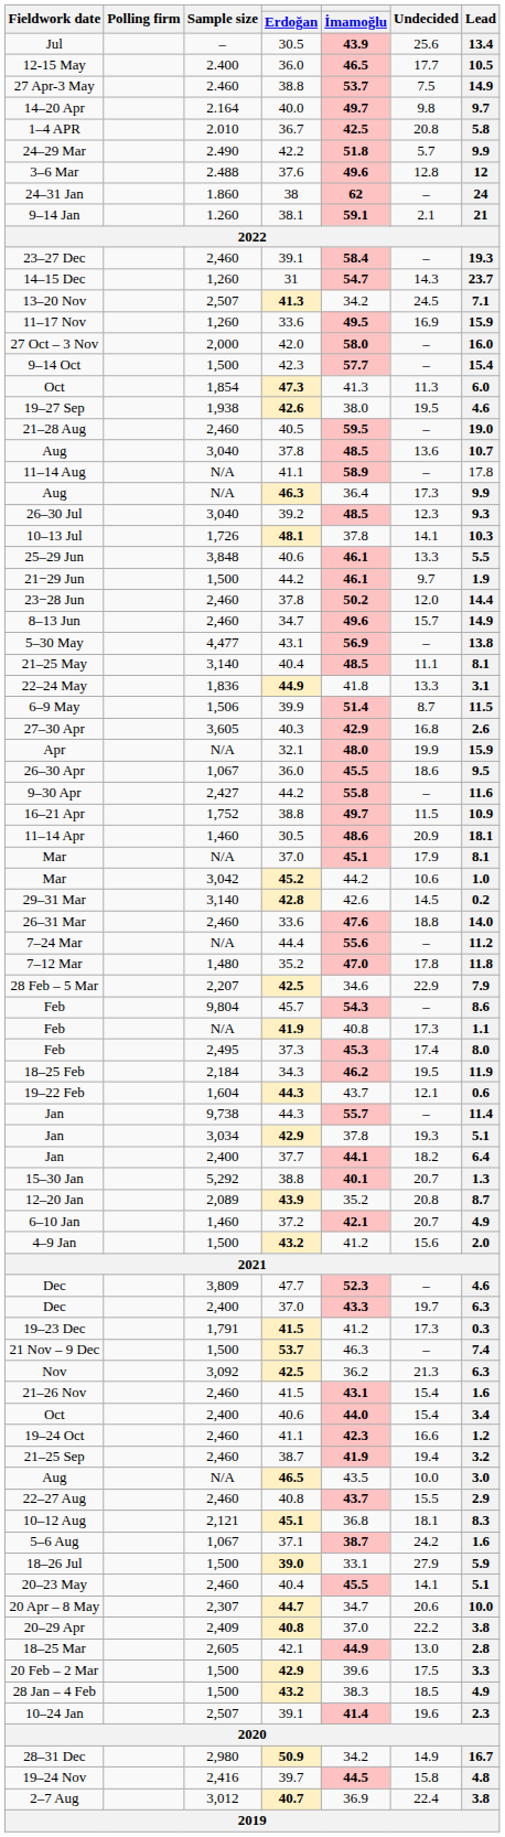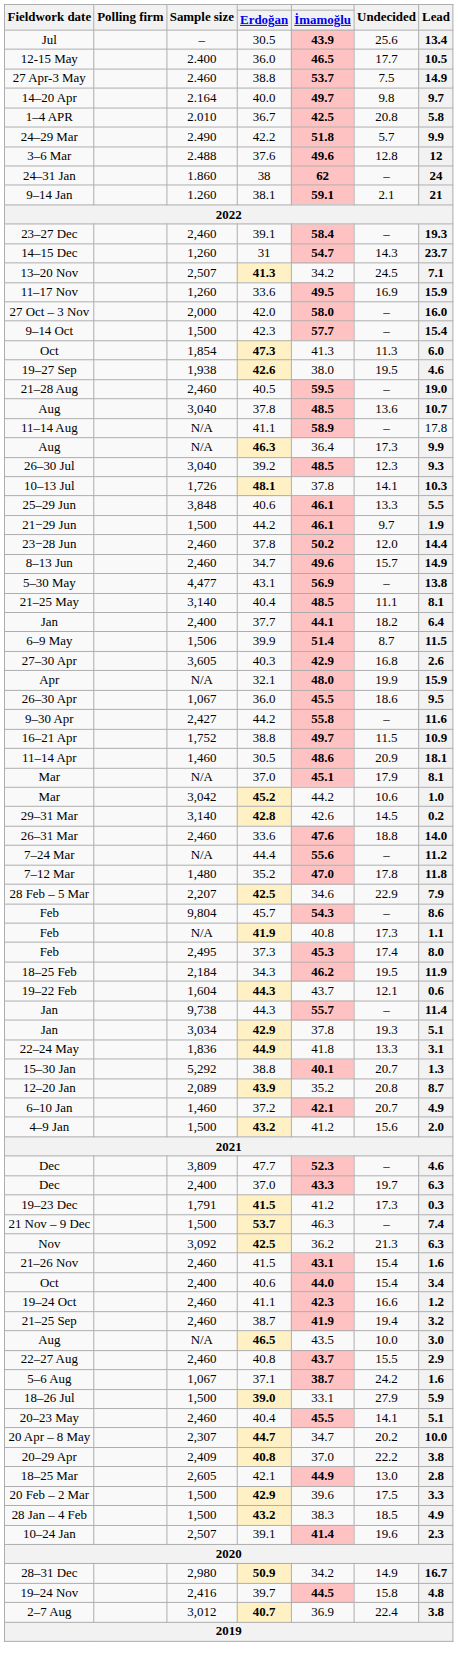 <table class="wikitable mw-datatable mw-collapsible mw-collapsed" style="text-align:center; font-size:85%; line-height:14px;">
 <tr>
 <th rowspan="2">Fieldwork date</th>
 <th rowspan="2">Polling firm</th>
 <th rowspan="2">Sample size</th>
 <th style="background:"></th>
 <th style="background:"></th>
 <th rowspan="2">Undecided</th>
 <th rowspan="2">Lead</th>
 </tr>
 <tr>
 <th><a href='#'>Erdoğan</a><br></th>
 <th><a href='#'>İmamoğlu</a><br></th>
 </tr>
 <tr>
 <td>Jul</td>
 <td></td>
 <td>–</td>
 <td>30.5</td>
 <td style="background:#FFC2C2"><strong>43.9</strong></td>
 <td>25.6</td>
 <th style="background:">13.4</th>
 </tr>
 <tr>
 <td>12-15 May</td>
 <td></td>
 <td>2.400</td>
 <td>36.0</td>
 <td style="background:#FFC2C2"><strong>46.5</strong></td>
 <td>17.7</td>
 <th style="background:">10.5</th>
 </tr>
 <tr>
 <td>27 Apr-3 May</td>
 <td></td>
 <td>2.460</td>
 <td>38.8</td>
 <td style="background:#FFC2C2"><strong>53.7</strong></td>
 <td>7.5</td>
 <th style="background:">14.9</th>
 </tr>
 <tr>
 <td>14–20 Apr</td>
 <td></td>
 <td>2.164</td>
 <td>40.0</td>
 <td style="background:#FFC2C2"><strong>49.7</strong></td>
 <td>9.8</td>
 <th style="background:">9.7</th>
 </tr>
 <tr>
 <td>1–4 APR</td>
 <td></td>
 <td>2.010</td>
 <td>36.7</td>
 <td style="background:#FFC2C2"><strong>42.5</strong></td>
 <td>20.8</td>
 <th style="background:">5.8</th>
 </tr>
 <tr>
 <td>24–29 Mar</td>
 <td></td>
 <td>2.490</td>
 <td>42.2</td>
 <td style="background:#FFC2C2"><strong>51.8</strong></td>
 <td>5.7</td>
 <th style="background:">9.9</th>
 </tr>
 <tr>
 <td>3–6 Mar</td>
 <td></td>
 <td>2.488</td>
 <td>37.6</td>
 <td style="background:#FFC2C2"><strong>49.6</strong></td>
 <td>12.8</td>
 <th style="background:">12</th>
 </tr>
 <tr>
 <td>24–31 Jan</td>
 <td></td>
 <td>1.860</td>
 <td>38</td>
 <td style="background:#FFC2C2"><strong>62</strong></td>
 <td>–</td>
 <th style="background:">24</th>
 </tr>
 <tr>
 <td>9–14 Jan</td>
 <td></td>
 <td>1.260</td>
 <td>38.1</td>
 <td style="background:#FFC2C2"><strong>59.1</strong></td>
 <td>2.1</td>
 <th style="background:">21</th>
 </tr>
 <tr>
 <th colspan=7>2022</th>
 </tr>
 <tr>
 <td>23–27 Dec</td>
 <td></td>
 <td>2,460</td>
 <td>39.1</td>
 <td style="background:#FFC2C2"><strong>58.4</strong></td>
 <td>–</td>
 <th style="background:">19.3</th>
 </tr>
 <tr>
 <td>14–15 Dec</td>
 <td></td>
 <td>1,260</td>
 <td>31</td>
 <td style="background:#FFC2C2"><strong>54.7</strong></td>
 <td>14.3</td>
 <th style="background:">23.7</th>
 </tr>
 <tr>
 <td>13–20 Nov</td>
 <td></td>
 <td>2,507</td>
 <td style="background:#FFF1C4"><strong>41.3</strong></td>
 <td>34.2</td>
 <td>24.5</td>
 <th style="background:">7.1</th>
 </tr>
 <tr>
 <td>11–17 Nov</td>
 <td></td>
 <td>1,260</td>
 <td>33.6</td>
 <td style="background:#FFC2C2"><strong>49.5</strong></td>
 <td>16.9</td>
 <th style="background:">15.9</th>
 </tr>
 <tr>
 <td>27 Oct – 3 Nov</td>
 <td></td>
 <td>2,000</td>
 <td>42.0</td>
 <td style="background:#FFC2C2"><strong>58.0</strong></td>
 <td>–</td>
 <th style="background:">16.0</th>
 </tr>
 <tr>
 <td>9–14 Oct</td>
 <td></td>
 <td>1,500</td>
 <td>42.3</td>
 <td style="background:#FFC2C2"><strong>57.7</strong></td>
 <td>–</td>
 <th style="background:">15.4</th>
 </tr>
 <tr>
 <td>Oct</td>
 <td></td>
 <td>1,854</td>
 <td style="background:#FFF1C4"><strong>47.3</strong></td>
 <td>41.3</td>
 <td>11.3</td>
 <th style="background:">6.0</th>
 </tr>
 <tr>
 <td>19–27 Sep</td>
 <td></td>
 <td>1,938</td>
 <td style="background:#FFF1C4"><strong>42.6</strong></td>
 <td>38.0</td>
 <td>19.5</td>
 <th style="background:">4.6</th>
 </tr>
 <tr>
 <td>21–28 Aug</td>
 <td></td>
 <td>2,460</td>
 <td>40.5</td>
 <td style="background:#FFC2C2"><strong>59.5</strong></td>
 <td>–</td>
 <th style="background:">19.0</th>
 </tr>
 <tr>
 <td>Aug</td>
 <td></td>
 <td>3,040</td>
 <td>37.8</td>
 <td style="background:#FFC2C2"><strong>48.5</strong></td>
 <td>13.6</td>
 <th style="background:">10.7</th>
 </tr>
 <tr>
 <td>11–14 Aug</td>
 <td></td>
 <td>N/A</td>
 <td>41.1</td>
 <td style="background:#FFC2C2"><strong>58.9</strong></td>
 <td>–</td>
 <td ! style="background:">17.8</td>
 </tr>
 <tr>
 <td>Aug</td>
 <td></td>
 <td>N/A</td>
 <td style="background:#FFF1C4"><strong>46.3</strong></td>
 <td>36.4</td>
 <td>17.3</td>
 <th style="background:">9.9</th>
 </tr>
 <tr>
 <td>26–30 Jul</td>
 <td></td>
 <td>3,040</td>
 <td>39.2</td>
 <td style="background:#FFC2C2"><strong>48.5</strong></td>
 <td>12.3</td>
 <th style="background:">9.3</th>
 </tr>
 <tr>
 <td>10–13 Jul</td>
 <td></td>
 <td>1,726</td>
 <td style="background:#FFF1C4"><strong>48.1</strong></td>
 <td>37.8</td>
 <td>14.1</td>
 <th style="background:">10.3</th>
 </tr>
 <tr>
 <td>25–29 Jun</td>
 <td></td>
 <td>3,848</td>
 <td>40.6</td>
 <td style="background:#FFC2C2"><strong>46.1</strong></td>
 <td>13.3</td>
 <th style="background:">5.5</th>
 </tr>
 <tr>
 <td>21−29 Jun</td>
 <td></td>
 <td>1,500</td>
 <td>44.2</td>
 <td style="background:#FFC2C2"><strong>46.1</strong></td>
 <td>9.7</td>
 <th style="background:">1.9</th>
 </tr>
 <tr>
 <td>23−28 Jun</td>
 <td></td>
 <td>2,460</td>
 <td>37.8</td>
 <td style="background:#FFC2C2"><strong>50.2</strong></td>
 <td>12.0</td>
 <th style="background:">14.4</th>
 </tr>
 <tr>
 <td>8–13 Jun</td>
 <td></td>
 <td>2,460</td>
 <td>34.7</td>
 <td style="background:#FFC2C2"><strong>49.6</strong></td>
 <td>15.7</td>
 <th style="background:">14.9</th>
 </tr>
 <tr>
 <td>5–30 May</td>
 <td></td>
 <td>4,477</td>
 <td>43.1</td>
 <td style="background:#FFC2C2"><strong>56.9</strong></td>
 <td>–</td>
 <th style="background:">13.8</th>
 </tr>
 <tr>
 <td>21–25 May</td>
 <td></td>
 <td>3,140</td>
 <td>40.4</td>
 <td style="background:#FFC2C2"><strong>48.5</strong></td>
 <td>11.1</td>
 <th style="background:">8.1</th>
 </tr>
 <tr>
-<td>22–24 May</td>
+<td>Jan</td>
 <td></td>
-<td>1,836</td>
-<td style="background:#FFF1C4"><strong>44.9</strong></td>
-<td>41.8</td>
-<td>13.3</td>
-<th style="background:">3.1</th>
+<td>2,400</td>
+<td>37.7</td>
+<td style="background:#FFC2C2"><strong>44.1</strong></td>
+<td>18.2</td>
+<th style="background:">6.4</th>
 </tr>
 <tr>
 <td>6–9 May</td>
 <td></td>
 <td>1,506</td>
 <td>39.9</td>
 <td style="background:#FFC2C2"><strong>51.4</strong></td>
 <td>8.7</td>
 <th style="background:">11.5</th>
 </tr>
 <tr>
 <td>27–30 Apr</td>
 <td></td>
 <td>3,605</td>
 <td>40.3</td>
 <td style="background:#FFC2C2"><strong>42.9</strong></td>
 <td>16.8</td>
 <th style="background:">2.6</th>
 </tr>
 <tr>
 <td>Apr</td>
 <td></td>
 <td>N/A</td>
 <td>32.1</td>
 <td style="background:#FFC2C2"><strong>48.0</strong></td>
 <td>19.9</td>
 <th style="background:">15.9</th>
 </tr>
 <tr>
 <td>26–30 Apr</td>
 <td></td>
 <td>1,067</td>
 <td>36.0</td>
 <td style="background:#FFC2C2"><strong>45.5</strong></td>
 <td>18.6</td>
 <th style="background:">9.5</th>
 </tr>
 <tr>
 <td>9–30 Apr</td>
 <td></td>
 <td>2,427</td>
 <td>44.2</td>
 <td style="background:#FFC2C2"><strong>55.8</strong></td>
 <td>–</td>
 <th style="background:">11.6</th>
 </tr>
 <tr>
 <td>16–21 Apr</td>
 <td></td>
 <td>1,752</td>
 <td>38.8</td>
 <td style="background:#FFC2C2"><strong>49.7</strong></td>
 <td>11.5</td>
 <th style="background:">10.9</th>
 </tr>
 <tr>
 <td>11–14 Apr</td>
 <td></td>
 <td>1,460</td>
 <td>30.5</td>
 <td style="background:#FFC2C2"><strong>48.6</strong></td>
 <td>20.9</td>
 <th style="background:">18.1</th>
 </tr>
 <tr>
 <td>Mar</td>
 <td></td>
 <td>N/A</td>
 <td>37.0</td>
 <td style="background:#FFC2C2"><strong>45.1</strong></td>
 <td>17.9</td>
 <th style="background:">8.1</th>
 </tr>
 <tr>
 <td>Mar</td>
 <td></td>
 <td>3,042</td>
 <td style="background:#FFF1C4"><strong>45.2</strong></td>
 <td>44.2</td>
 <td>10.6</td>
 <th style="background:">1.0</th>
 </tr>
 <tr>
 <td>29–31 Mar</td>
 <td></td>
 <td>3,140</td>
 <td style="background:#FFF1C4"><strong>42.8</strong></td>
 <td>42.6</td>
 <td>14.5</td>
 <th style="background:">0.2</th>
 </tr>
 <tr>
 <td>26–31 Mar</td>
 <td></td>
 <td>2,460</td>
 <td>33.6</td>
 <td style="background:#FFC2C2"><strong>47.6</strong></td>
 <td>18.8</td>
 <th style="background:">14.0</th>
 </tr>
 <tr>
 <td>7–24 Mar</td>
 <td></td>
 <td>N/A</td>
 <td>44.4</td>
 <td style="background:#FFC2C2"><strong>55.6</strong></td>
 <td>–</td>
 <th style="background:">11.2</th>
 </tr>
 <tr>
 <td>7–12 Mar</td>
 <td></td>
 <td>1,480</td>
 <td>35.2</td>
 <td style="background:#FFC2C2"><strong>47.0</strong></td>
 <td>17.8</td>
 <th style="background:">11.8</th>
 </tr>
 <tr>
 <td>28 Feb – 5 Mar</td>
 <td></td>
 <td>2,207</td>
 <td style="background:#FFF1C4"><strong>42.5</strong></td>
 <td>34.6</td>
 <td>22.9</td>
 <th style="background:">7.9</th>
 </tr>
 <tr>
 <td>Feb</td>
 <td></td>
 <td>9,804</td>
 <td>45.7</td>
 <td style="background:#FFC2C2"><strong>54.3</strong></td>
 <td>–</td>
 <th style="background:">8.6</th>
 </tr>
 <tr>
 <td>Feb</td>
 <td></td>
 <td>N/A</td>
 <td style="background:#FFF1C4"><strong>41.9</strong></td>
 <td>40.8</td>
 <td>17.3</td>
 <th style="background:">1.1</th>
 </tr>
 <tr>
 <td>Feb</td>
 <td></td>
 <td>2,495</td>
 <td>37.3</td>
 <td style="background:#FFC2C2"><strong>45.3</strong></td>
 <td>17.4</td>
 <th style="background:">8.0</th>
 </tr>
 <tr>
 <td>18–25 Feb</td>
 <td></td>
 <td>2,184</td>
 <td>34.3</td>
 <td style="background:#FFC2C2"><strong>46.2</strong></td>
 <td>19.5</td>
 <th style="background:">11.9</th>
 </tr>
 <tr>
 <td>19–22 Feb</td>
 <td></td>
 <td>1,604</td>
 <td style="background:#FFF1C4"><strong>44.3</strong></td>
 <td>43.7</td>
 <td>12.1</td>
 <th style="background:">0.6</th>
 </tr>
 <tr>
 <td>Jan</td>
 <td></td>
 <td>9,738</td>
 <td>44.3</td>
 <td style="background:#FFC2C2"><strong>55.7</strong></td>
 <td>–</td>
 <th style="background:">11.4</th>
 </tr>
 <tr>
 <td>Jan</td>
 <td></td>
 <td>3,034</td>
 <td style="background:#FFF1C4"><strong>42.9</strong></td>
 <td>37.8</td>
 <td>19.3</td>
 <th style="background:">5.1</th>
 </tr>
 <tr>
-<td>Jan</td>
+<td>22–24 May</td>
 <td></td>
-<td>2,400</td>
-<td>37.7</td>
-<td style="background:#FFC2C2"><strong>44.1</strong></td>
-<td>18.2</td>
-<th style="background:">6.4</th>
+<td>1,836</td>
+<td style="background:#FFF1C4"><strong>44.9</strong></td>
+<td>41.8</td>
+<td>13.3</td>
+<th style="background:">3.1</th>
 </tr>
 <tr>
 <td>15–30 Jan</td>
 <td></td>
 <td>5,292</td>
 <td>38.8</td>
 <td style="background:#FFC2C2"><strong>40.1</strong></td>
 <td>20.7</td>
 <th style="background:">1.3</th>
 </tr>
 <tr>
 <td>12–20 Jan</td>
 <td></td>
 <td>2,089</td>
 <td style="background:#FFF1C4"><strong>43.9</strong></td>
 <td>35.2</td>
 <td>20.8</td>
 <th style="background:">8.7</th>
 </tr>
 <tr>
 <td>6–10 Jan</td>
 <td></td>
 <td>1,460</td>
 <td>37.2</td>
 <td style="background:#FFC2C2"><strong>42.1</strong></td>
 <td>20.7</td>
 <th style="background:">4.9</th>
 </tr>
 <tr>
 <td>4–9 Jan</td>
 <td></td>
 <td>1,500</td>
 <td style="background:#FFF1C4"><strong>43.2</strong></td>
 <td>41.2</td>
 <td>15.6</td>
 <th style="background:">2.0</th>
 </tr>
 <tr>
 <th colspan=7>2021</th>
 </tr>
 <tr>
 <td>Dec</td>
 <td></td>
 <td>3,809</td>
 <td>47.7</td>
 <td style="background:#FFC2C2"><strong>52.3</strong></td>
 <td>–</td>
 <th style="background:">4.6</th>
 </tr>
 <tr>
 <td>Dec</td>
 <td></td>
 <td>2,400</td>
 <td>37.0</td>
 <td style="background:#FFC2C2"><strong>43.3</strong></td>
 <td>19.7</td>
 <th style="background:">6.3</th>
 </tr>
 <tr>
 <td>19–23 Dec</td>
 <td></td>
 <td>1,791</td>
 <td style="background:#FFF1C4"><strong>41.5</strong></td>
 <td>41.2</td>
 <td>17.3</td>
 <th style="background:">0.3</th>
 </tr>
 <tr>
 <td>21 Nov – 9 Dec</td>
 <td></td>
 <td>1,500</td>
 <td style="background:#FFF1C4"><strong>53.7</strong></td>
 <td>46.3</td>
 <td>–</td>
 <th style="background:">7.4</th>
 </tr>
 <tr>
 <td>Nov</td>
 <td></td>
 <td>3,092</td>
 <td style="background:#FFF1C4"><strong>42.5</strong></td>
 <td>36.2</td>
 <td>21.3</td>
 <th style="background:">6.3</th>
 </tr>
 <tr>
 <td>21–26 Nov</td>
 <td></td>
 <td>2,460</td>
 <td>41.5</td>
 <td style="background:#FFC2C2"><strong>43.1</strong></td>
 <td>15.4</td>
 <th style="background:">1.6</th>
 </tr>
 <tr>
 <td>Oct</td>
 <td></td>
 <td>2,400</td>
 <td>40.6</td>
 <td style="background:#FFC2C2"><strong>44.0</strong></td>
 <td>15.4</td>
 <th style="background:">3.4</th>
 </tr>
 <tr>
 <td>19–24 Oct</td>
 <td></td>
 <td>2,460</td>
 <td>41.1</td>
 <td style="background:#FFC2C2"><strong>42.3</strong></td>
 <td>16.6</td>
 <th style="background:">1.2</th>
 </tr>
 <tr>
 <td>21–25 Sep</td>
 <td></td>
 <td>2,460</td>
 <td>38.7</td>
 <td style="background:#FFC2C2"><strong>41.9</strong></td>
 <td>19.4</td>
 <th style="background:">3.2</th>
 </tr>
 <tr>
 <td>Aug</td>
 <td></td>
 <td>N/A</td>
 <td style="background:#FFF1C4"><strong>46.5</strong></td>
 <td>43.5</td>
 <td>10.0</td>
 <th style="background:">3.0</th>
 </tr>
 <tr>
 <td>22–27 Aug</td>
 <td></td>
 <td>2,460</td>
 <td>40.8</td>
 <td style="background:#FFC2C2"><strong>43.7</strong></td>
 <td>15.5</td>
 <th style="background:">2.9</th>
 </tr>
 <tr>
-<td>10–12 Aug</td>
-<td></td>
-<td>2,121</td>
-<td style="background:#FFF1C4"><strong>45.1</strong></td>
-<td>36.8</td>
-<td>18.1</td>
-<th style="background:">8.3</th>
-</tr>
-<tr>
 <td>5–6 Aug</td>
 <td></td>
 <td>1,067</td>
 <td>37.1</td>
 <td style="background:#FFC2C2"><strong>38.7</strong></td>
 <td>24.2</td>
 <th style="background:">1.6</th>
 </tr>
 <tr>
 <td>18–26 Jul</td>
 <td></td>
 <td>1,500</td>
 <td style="background:#FFF1C4"><strong>39.0</strong></td>
 <td>33.1</td>
 <td>27.9</td>
 <th style="background:">5.9</th>
 </tr>
 <tr>
 <td>20–23 May</td>
 <td></td>
 <td>2,460</td>
 <td>40.4</td>
 <td style="background:#FFC2C2"><strong>45.5</strong></td>
 <td>14.1</td>
 <th style="background:">5.1</th>
 </tr>
 <tr>
 <td>20 Apr – 8 May</td>
 <td></td>
 <td>2,307</td>
 <td style="background:#FFF1C4"><strong>44.7</strong></td>
 <td>34.7</td>
-<td>20.6</td>
+<td>20.2</td>
 <th style="background:">10.0</th>
 </tr>
 <tr>
 <td>20–29 Apr</td>
 <td></td>
 <td>2,409</td>
 <td style="background:#FFF1C4"><strong>40.8</strong></td>
 <td>37.0</td>
 <td>22.2</td>
 <th style="background:">3.8</th>
 </tr>
 <tr>
 <td>18–25 Mar</td>
 <td></td>
 <td>2,605</td>
 <td>42.1</td>
 <td style="background:#FFC2C2"><strong>44.9</strong></td>
 <td>13.0</td>
 <th style="background:">2.8</th>
 </tr>
 <tr>
 <td>20 Feb – 2 Mar</td>
 <td></td>
 <td>1,500</td>
 <td style="background:#FFF1C4"><strong>42.9</strong></td>
 <td>39.6</td>
 <td>17.5</td>
 <th style="background:">3.3</th>
 </tr>
 <tr>
 <td>28 Jan – 4 Feb</td>
 <td></td>
 <td>1,500</td>
 <td style="background:#FFF1C4"><strong>43.2</strong></td>
 <td>38.3</td>
 <td>18.5</td>
 <th style="background:">4.9</th>
 </tr>
 <tr>
 <td>10–24 Jan</td>
 <td></td>
 <td>2,507</td>
 <td>39.1</td>
 <td style="background:#FFC2C2"><strong>41.4</strong></td>
 <td>19.6</td>
 <th style="background:">2.3</th>
 </tr>
 <tr>
 <th colspan=7>2020</th>
 </tr>
 <tr>
 <td>28–31 Dec</td>
 <td></td>
 <td>2,980</td>
 <td style="background:#FFF1C4"><strong>50.9</strong></td>
 <td>34.2</td>
 <td>14.9</td>
 <th style="background:">16.7</th>
 </tr>
 <tr>
 <td data-sort-value="2018-07-11">19–24 Nov</td>
 <td></td>
 <td>2,416</td>
 <td>39.7</td>
 <td style="background:#FFC2C2"><strong>44.5</strong></td>
 <td>15.8</td>
 <th style="background:">4.8</th>
 </tr>
 <tr>
 <td>2–7 Aug</td>
 <td></td>
 <td>3,012</td>
 <td style="background:#FFF1C4"><strong>40.7</strong></td>
 <td>36.9</td>
 <td>22.4</td>
 <th style="background:">3.8</th>
 </tr>
 <tr>
 <th colspan=7>2019</th>
 </tr>
 </table>
